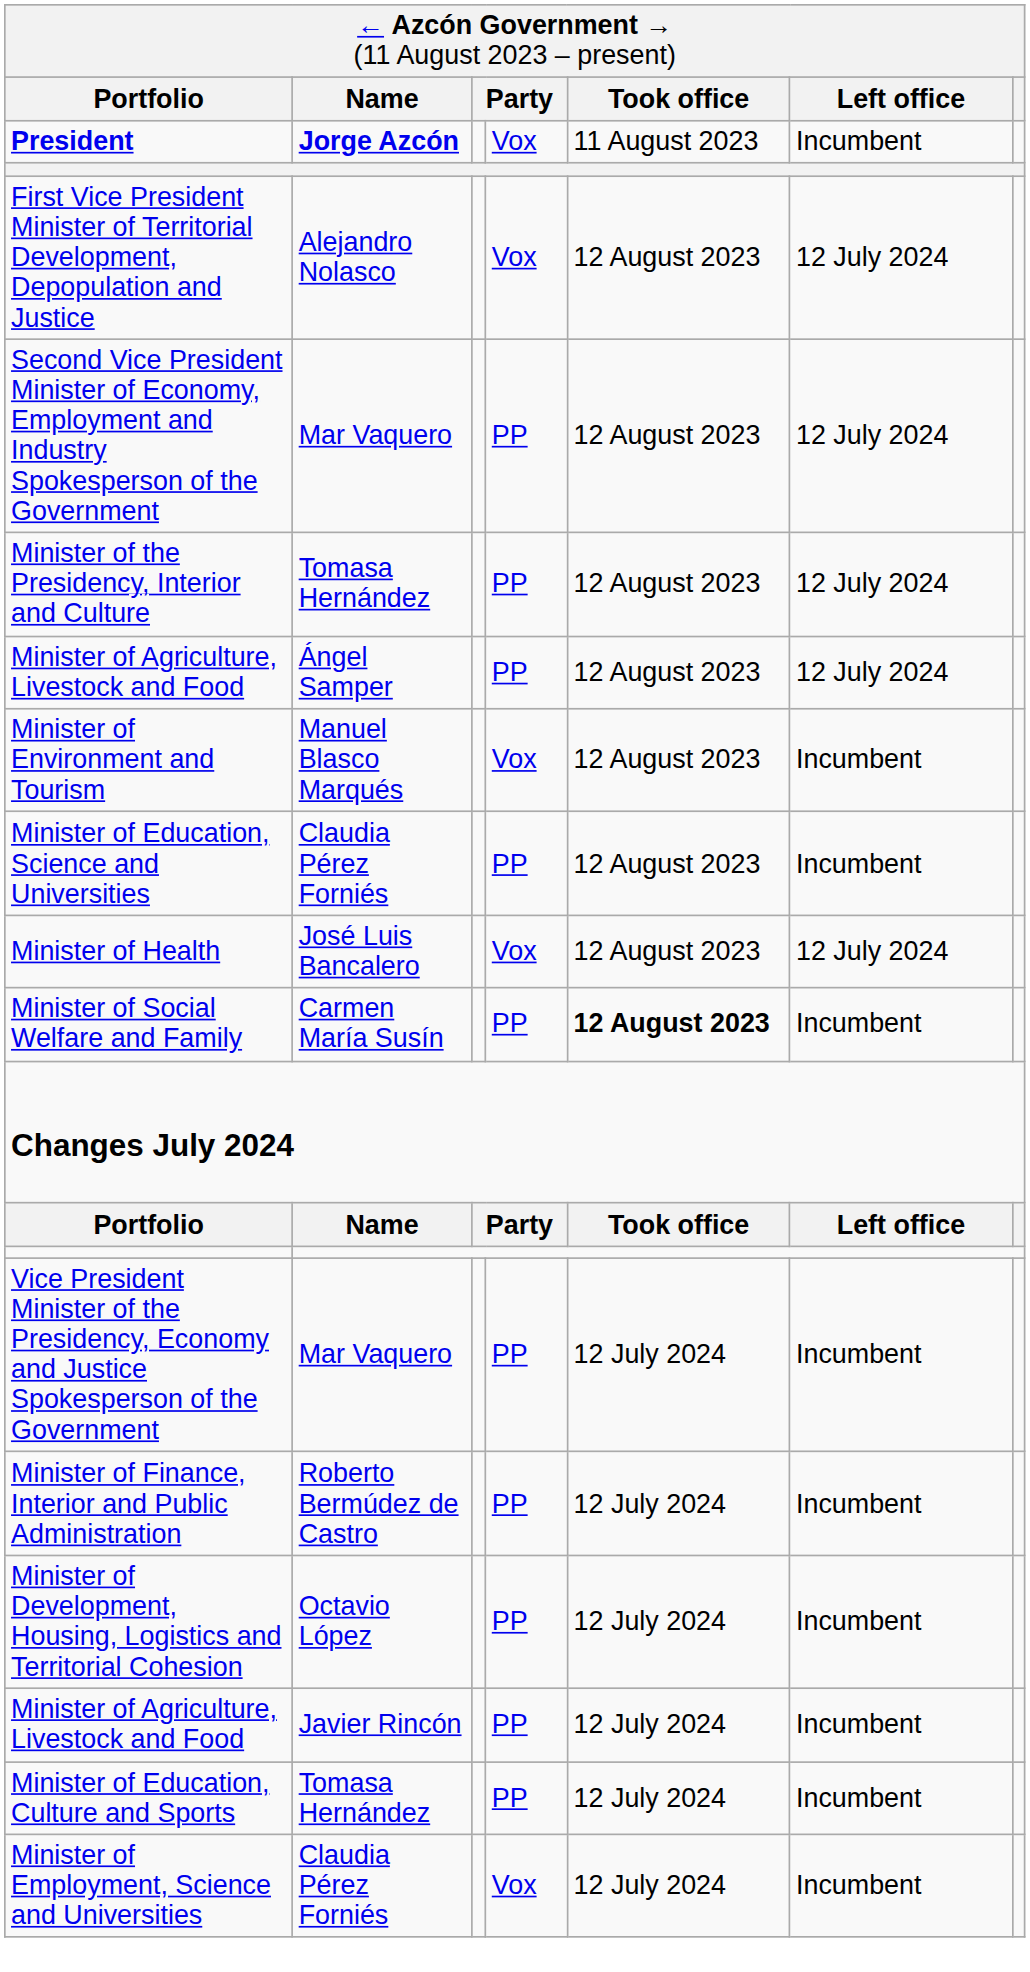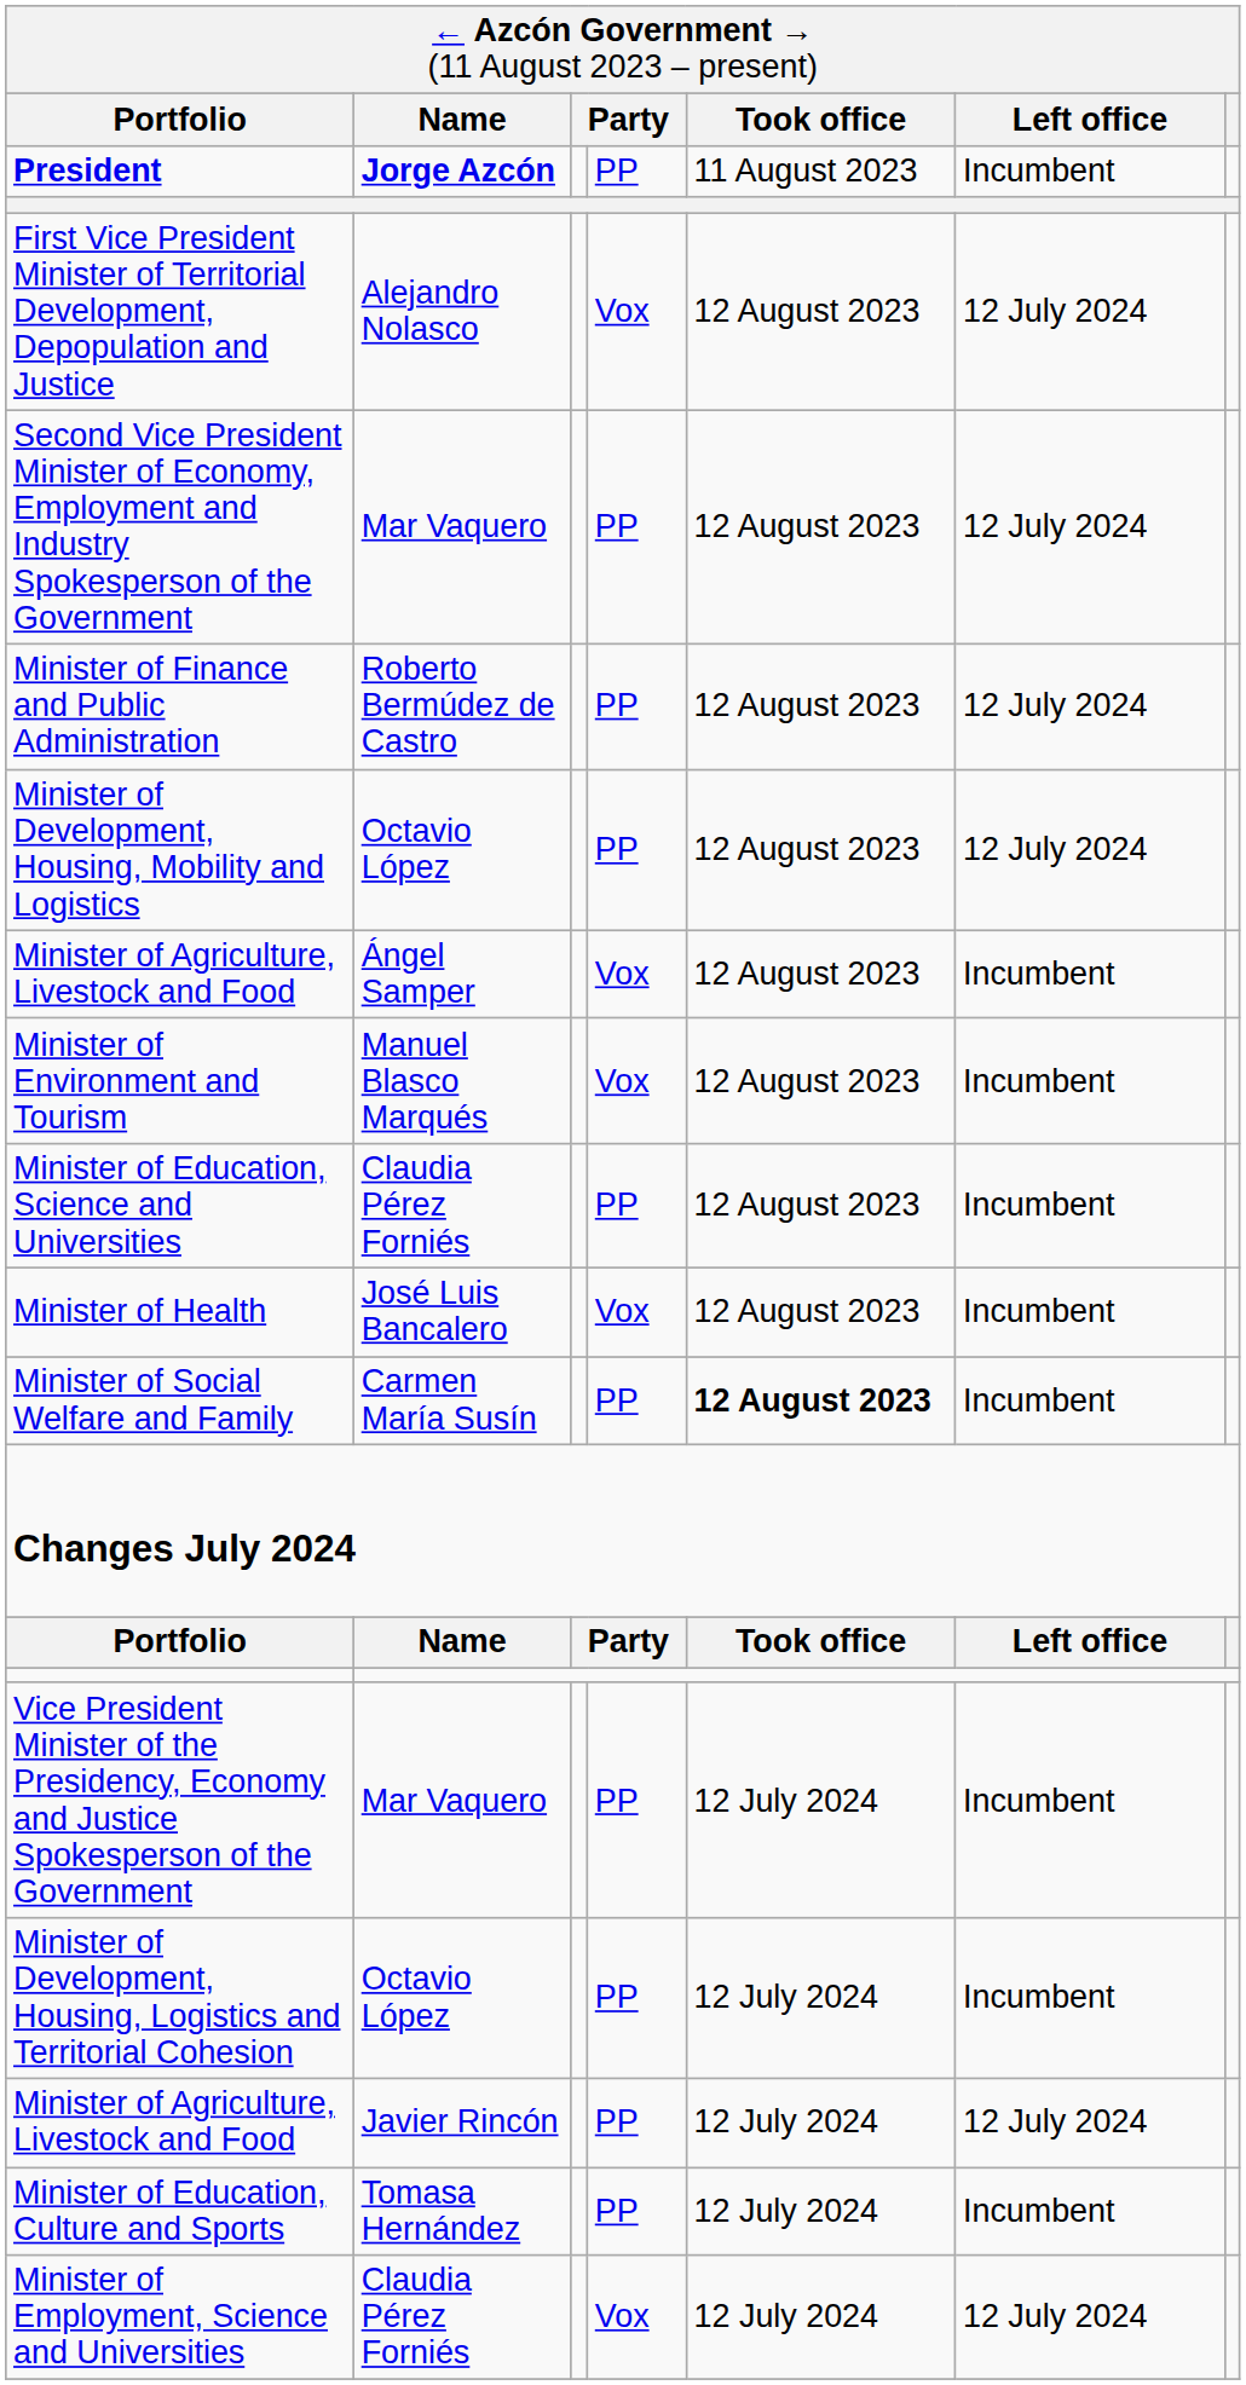 <table class="wikitable">
 <tr>
 <td colspan="7" bgcolor="#F2F2F2" align="center"><a href='#'>←</a> <strong>Azcón Government</strong> →<br>(11 August 2023 – present)</td>
 </tr>
 <tr>
 <th>Portfolio</th>
 <th>Name</th>
 <th width="100px" colspan="2">Party</th>
 <th width="125px">Took office</th>
 <th width="125px">Left office</th>
 <th></th>
 </tr>
 <tr>
 <td><strong><a href='#'>President</a></strong></td>
 <td><strong><a href='#'>Jorge Azcón</a></strong></td>
 <td width="1" style="background-color:"></td>
-<td><a href='#'>Vox</a> </td>
+<td><a href='#'>PP</a></td>
 <td>11 August 2023</td>
 <td>Incumbent</td>
 <td align="center"></td>
 </tr>
 <tr>
 <th colspan="7"></th>
 </tr>
 <tr>
 <td><a href='#'>First Vice President</a><br><a href='#'>Minister of Territorial Development, Depopulation and Justice</a></td>
 <td><a href='#'>Alejandro Nolasco</a></td>
 <td style="background-color:"></td>
 <td><a href='#'>Vox</a></td>
 <td>12 August 2023</td>
 <td>12 July 2024</td>
 <td align="center"></td>
 </tr>
 <tr>
 <td><a href='#'>Second Vice President</a><br><a href='#'>Minister of Economy, Employment and Industry</a><br><a href='#'>Spokesperson of the Government</a></td>
 <td><a href='#'>Mar Vaquero</a></td>
 <td style="background-color:"></td>
 <td><a href='#'>PP</a></td>
 <td>12 August 2023</td>
 <td>12 July 2024</td>
 <td align="center"></td>
 </tr>
 <tr>
-<td><a href='#'>Minister of the Presidency, Interior and Culture</a></td>
-<td><a href='#'>Tomasa Hernández</a></td>
+<td><a href='#'>Minister of Finance and Public Administration</a></td>
+<td><a href='#'>Roberto Bermúdez de Castro</a></td>
 <td style="background-color:"></td>
-<td><a href='#'>PP</a> </td>
+<td><a href='#'>PP</a></td>
+<td>12 August 2023</td>
+<td>12 July 2024</td>
+<td align="center"></td>
+</tr>
+<tr>
+<td><a href='#'>Minister of Development, Housing, Mobility and Logistics</a></td>
+<td><a href='#'>Octavio López</a></td>
+<td style="background-color:"></td>
+<td><a href='#'>PP</a></td>
 <td>12 August 2023</td>
 <td>12 July 2024</td>
 <td align="center"></td>
 </tr>
 <tr>
 <td><a href='#'>Minister of Agriculture, Livestock and Food</a></td>
 <td><a href='#'>Ángel Samper</a></td>
 <td style="background-color:"></td>
-<td><a href='#'>PP</a></td>
+<td><a href='#'>Vox</a> </td>
 <td>12 August 2023</td>
-<td>12 July 2024</td>
+<td>Incumbent</td>
 <td align="center"></td>
 </tr>
 <tr>
 <td><a href='#'>Minister of Environment and Tourism</a></td>
 <td><a href='#'>Manuel Blasco Marqués</a></td>
 <td style="background-color:"></td>
 <td><a href='#'>Vox</a> </td>
 <td>12 August 2023</td>
 <td>Incumbent</td>
 <td align="center"></td>
 </tr>
 <tr>
 <td><a href='#'>Minister of Education, Science and Universities</a></td>
 <td><a href='#'>Claudia Pérez Forniés</a></td>
 <td style="background-color:"></td>
 <td><a href='#'>PP</a> </td>
 <td>12 August 2023</td>
 <td>Incumbent</td>
 <td align="center"></td>
 </tr>
 <tr>
 <td><a href='#'>Minister of Health</a></td>
 <td><a href='#'>José Luis Bancalero</a></td>
 <td style="background-color:"></td>
 <td><a href='#'>Vox</a></td>
 <td>12 August 2023</td>
-<td>12 July 2024</td>
+<td>Incumbent</td>
 <td align="center"></td>
 </tr>
 <tr>
 <td><a href='#'>Minister of Social Welfare and Family</a></td>
 <td><a href='#'>Carmen María Susín</a></td>
 <td style="background-color:"></td>
 <td><a href='#'>PP</a></td>
 <td><strong>12 August 2023</strong></td>
 <td>Incumbent</td>
 <td align="center"></td>
 </tr>
 <tr>
 <td colspan="7"><br><h3>Changes July 2024</h3></td>
 </tr>
 <tr>
 <th>Portfolio</th>
 <th>Name</th>
 <th colspan="2">Party</th>
 <th>Took office</th>
 <th>Left office</th>
 <th></th>
 </tr>
 <tr>
 <td></td>
 <td colspan="6"></td>
 </tr>
 <tr>
 <td><a href='#'>Vice President</a><br><a href='#'>Minister of the Presidency, Economy and Justice</a><br><a href='#'>Spokesperson of the Government</a></td>
 <td><a href='#'>Mar Vaquero</a></td>
 <td style="background-color:"></td>
 <td><a href='#'>PP</a></td>
 <td>12 July 2024</td>
 <td>Incumbent</td>
 <td align="center"></td>
 </tr>
 <tr>
-<td><a href='#'>Minister of Finance, Interior and Public Administration</a></td>
-<td><a href='#'>Roberto Bermúdez de Castro</a></td>
-<td style="background-color:"></td>
-<td><a href='#'>PP</a></td>
-<td>12 July 2024</td>
-<td>Incumbent</td>
-<td align="center"></td>
-</tr>
-<tr>
 <td><a href='#'>Minister of Development, Housing, Logistics and Territorial Cohesion</a></td>
 <td><a href='#'>Octavio López</a></td>
 <td style="background-color:"></td>
 <td><a href='#'>PP</a></td>
 <td>12 July 2024</td>
 <td>Incumbent</td>
 <td align="center"></td>
 </tr>
 <tr>
 <td><a href='#'>Minister of Agriculture, Livestock and Food</a></td>
 <td><a href='#'>Javier Rincón</a></td>
 <td style="background-color:"></td>
 <td><a href='#'>PP</a></td>
 <td>12 July 2024</td>
-<td>Incumbent</td>
+<td>12 July 2024</td>
 <td align="center"></td>
 </tr>
 <tr>
 <td><a href='#'>Minister of Education, Culture and Sports</a></td>
 <td><a href='#'>Tomasa Hernández</a></td>
 <td style="background-color:"></td>
 <td><a href='#'>PP</a> </td>
 <td>12 July 2024</td>
 <td>Incumbent</td>
 <td align="center"></td>
 </tr>
 <tr>
 <td><a href='#'>Minister of Employment, Science and Universities</a></td>
 <td><a href='#'>Claudia Pérez Forniés</a></td>
 <td style="background-color:"></td>
 <td><a href='#'>Vox</a> </td>
 <td>12 July 2024</td>
-<td>Incumbent</td>
+<td>12 July 2024</td>
 <td align="center"></td>
 </tr>
 </table>
